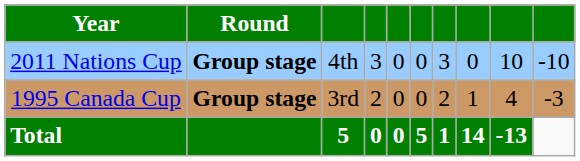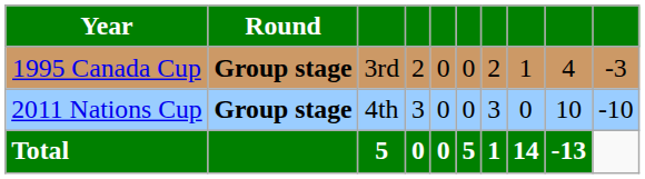 <table class="wikitable" style="text-align:center;">
 <tr>
 <th style="background-color:#008000; color:white; ">Year</th>
 <th style="background-color:#008000; color:white; ">Round</th>
 <th style="background-color:#008000; color:white; "></th>
 <th style="background-color:#008000; color:white; "></th>
 <th style="background-color:#008000; color:white; "></th>
 <th style="background-color:#008000; color:white; "></th>
 <th style="background-color:#008000; color:white; "></th>
 <th style="background-color:#008000; color:white; "></th>
 <th style="background-color:#008000; color:white; "></th>
 <th style="background-color:#008000; color:white; "></th>
 </tr>
+<tr style="background:#cc9966;">
+<td> <a href='#'>1995 Canada Cup</a></td>
+<td><strong>Group stage</strong></td>
+<td>3rd</td>
+<td>2</td>
+<td>0</td>
+<td>0</td>
+<td>2</td>
+<td>1</td>
+<td>4</td>
+<td>-3</td>
+</tr>
 <tr style="background:#9acdff;">
 <td> <a href='#'>2011 Nations Cup</a></td>
 <td><strong>Group stage</strong></td>
 <td>4th</td>
 <td>3</td>
 <td>0</td>
 <td>0</td>
 <td>3</td>
 <td>0</td>
 <td>10</td>
 <td>-10</td>
-</tr>
-<tr style="background:#cc9966;">
-<td> <a href='#'>1995 Canada Cup</a></td>
-<td><strong>Group stage</strong></td>
-<td>3rd</td>
-<td>2</td>
-<td>0</td>
-<td>0</td>
-<td>2</td>
-<td>1</td>
-<td>4</td>
-<td>-3</td>
 </tr>
 <tr>
 <th style="background-color:#008000; text-align:left; color:white; "><strong>Total</strong></th>
 <th style="background-color:#008000; color:white; "></th>
 <th style="background-color:#008000; color:white; ">5</th>
 <th style="background-color:#008000; color:white; ">0</th>
 <th style="background-color:#008000; color:white; ">0</th>
 <th style="background-color:#008000; color:white; ">5</th>
 <th style="background-color:#008000; color:white; ">1</th>
 <th style="background-color:#008000; color:white; ">14</th>
 <th style="background-color:#008000; color:white; ">-13</th>
 </tr>
 </table>
